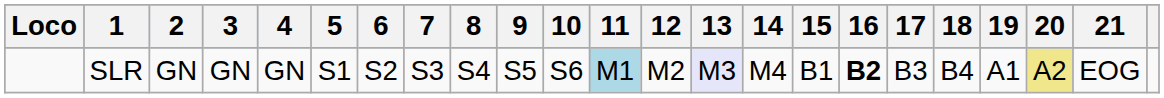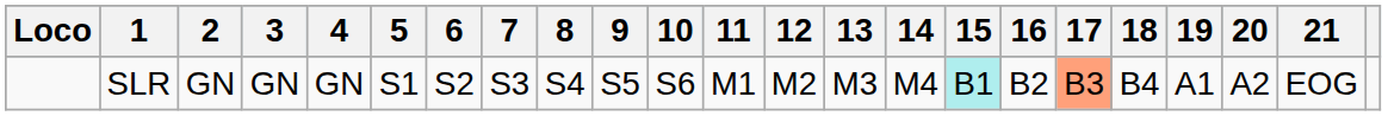 <table class="wikitable">
 <tr style="background:lightblue;">
 <th>Loco</th>
 <th>1</th>
 <th>2</th>
 <th>3</th>
 <th>4</th>
 <th>5</th>
 <th>6</th>
 <th>7</th>
 <th>8</th>
 <th>9</th>
 <th>10</th>
 <th>11</th>
 <th>12</th>
 <th>13</th>
 <th>14</th>
 <th>15</th>
 <th>16</th>
 <th>17</th>
 <th>18</th>
 <th>19</th>
 <th>20</th>
 <th>21</th>
 <th></th>
 </tr>
 <tr>
 <td></td>
 <td>SLR</td>
 <td>GN</td>
 <td>GN</td>
 <td>GN</td>
 <td>S1</td>
 <td>S2</td>
 <td>S3</td>
 <td>S4</td>
 <td>S5</td>
 <td>S6</td>
-<td style="background: lightblue;">M1</td>
+<td>M1</td>
 <td>M2</td>
-<td style="background: lavender;">M3</td>
+<td>M3</td>
 <td>M4</td>
-<td>B1</td>
-<td><strong>B2</strong></td>
-<td>B3</td>
+<td style="background: paleturquoise;">B1</td>
+<td>B2</td>
+<td style="background: lightsalmon;">B3</td>
 <td>B4</td>
 <td>A1</td>
-<td style="background: khaki;">A2</td>
+<td>A2</td>
 <td>EOG</td>
 </tr>
 </table>
